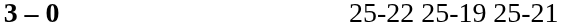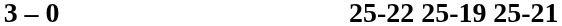 <table width=100% cellspacing=1>
 <tr>
 <th width=20%></th>
 <th width=12%></th>
 <th width=20%></th>
 <th width=33%></th>
 <td></td>
 </tr>
 <tr style=font-size:90%>
 <td align=right><strong></strong></td>
 <td align=center><strong>3 – 0</strong></td>
 <td></td>
-<td>25-22 25-19 25-21</td>
+<td><strong>25-22 25-19 25-21</strong></td>
 </tr>
 </table>
